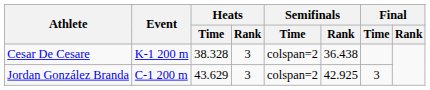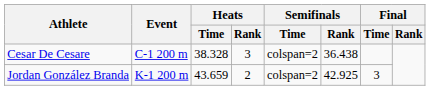 <table class=wikitable style="font-size:90%;">
 <tr>
 <th rowspan="2">Athlete</th>
 <th rowspan="2">Event</th>
 <th colspan=2>Heats</th>
 <th colspan=2>Semifinals</th>
 <th colspan=2>Final</th>
 </tr>
 <tr style="font-size:95%">
 <th>Time</th>
 <th>Rank</th>
 <th>Time</th>
 <th>Rank</th>
 <th>Time</th>
 <th>Rank</th>
 </tr>
 <tr align=center>
 <td align=left><a href='#'>Cesar De Cesare</a></td>
-<td align=left><a href='#'>K-1 200 m</a></td>
+<td align=left><a href='#'>C-1 200 m</a></td>
 <td>38.328</td>
 <td>3</td>
 <td>colspan=2 </td>
 <td>36.438</td>
 <td></td>
 </tr>
 <tr align=center>
 <td align=left><a href='#'>Jordan González Branda</a></td>
-<td align=left><a href='#'>C-1 200 m</a></td>
-<td>43.629</td>
-<td>3</td>
+<td align=left><a href='#'>K-1 200 m</a></td>
+<td>43.659</td>
+<td>2</td>
 <td>colspan=2 </td>
 <td>42.925</td>
 <td>3</td>
 </tr>
 </table>
